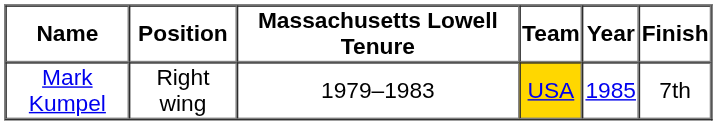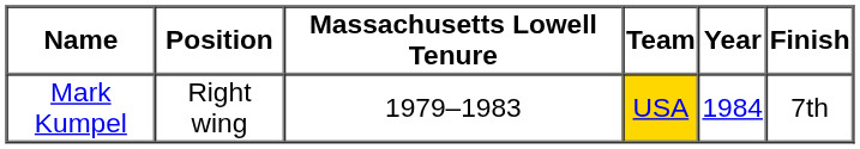 <table cellpadding="1" border="1" cellspacing="0" width="80%">
 <tr>
 <th>Name</th>
 <th>Position</th>
 <th>Massachusetts Lowell Tenure</th>
 <th>Team</th>
 <th>Year</th>
 <th>Finish</th>
 </tr>
 <tr align="center">
 <td><a href='#'>Mark Kumpel</a></td>
 <td>Right wing</td>
 <td>1979–1983</td>
 <td style="background: gold;"> <a href='#'>USA</a></td>
-<td><a href='#'>1985</a></td>
+<td><a href='#'>1984</a></td>
 <td>7th</td>
 </tr>
 </table>
